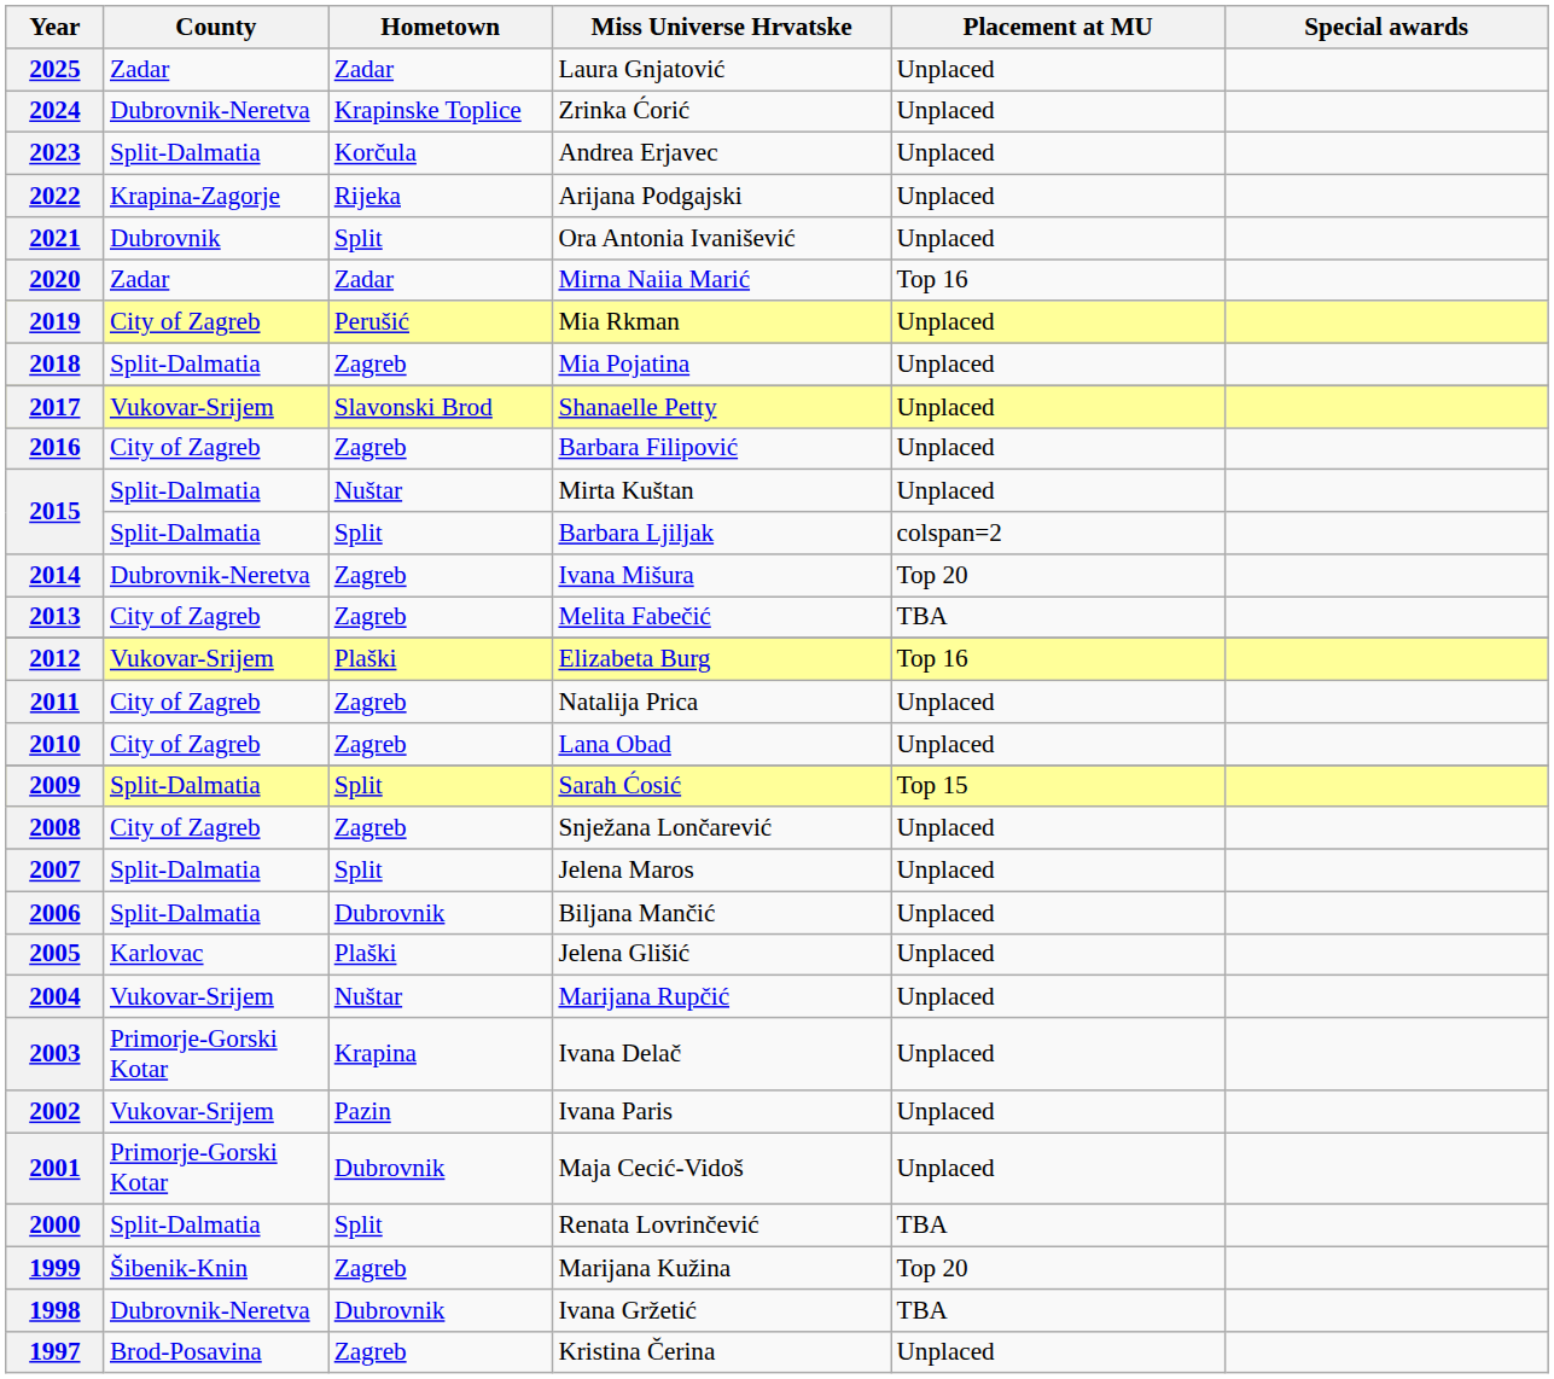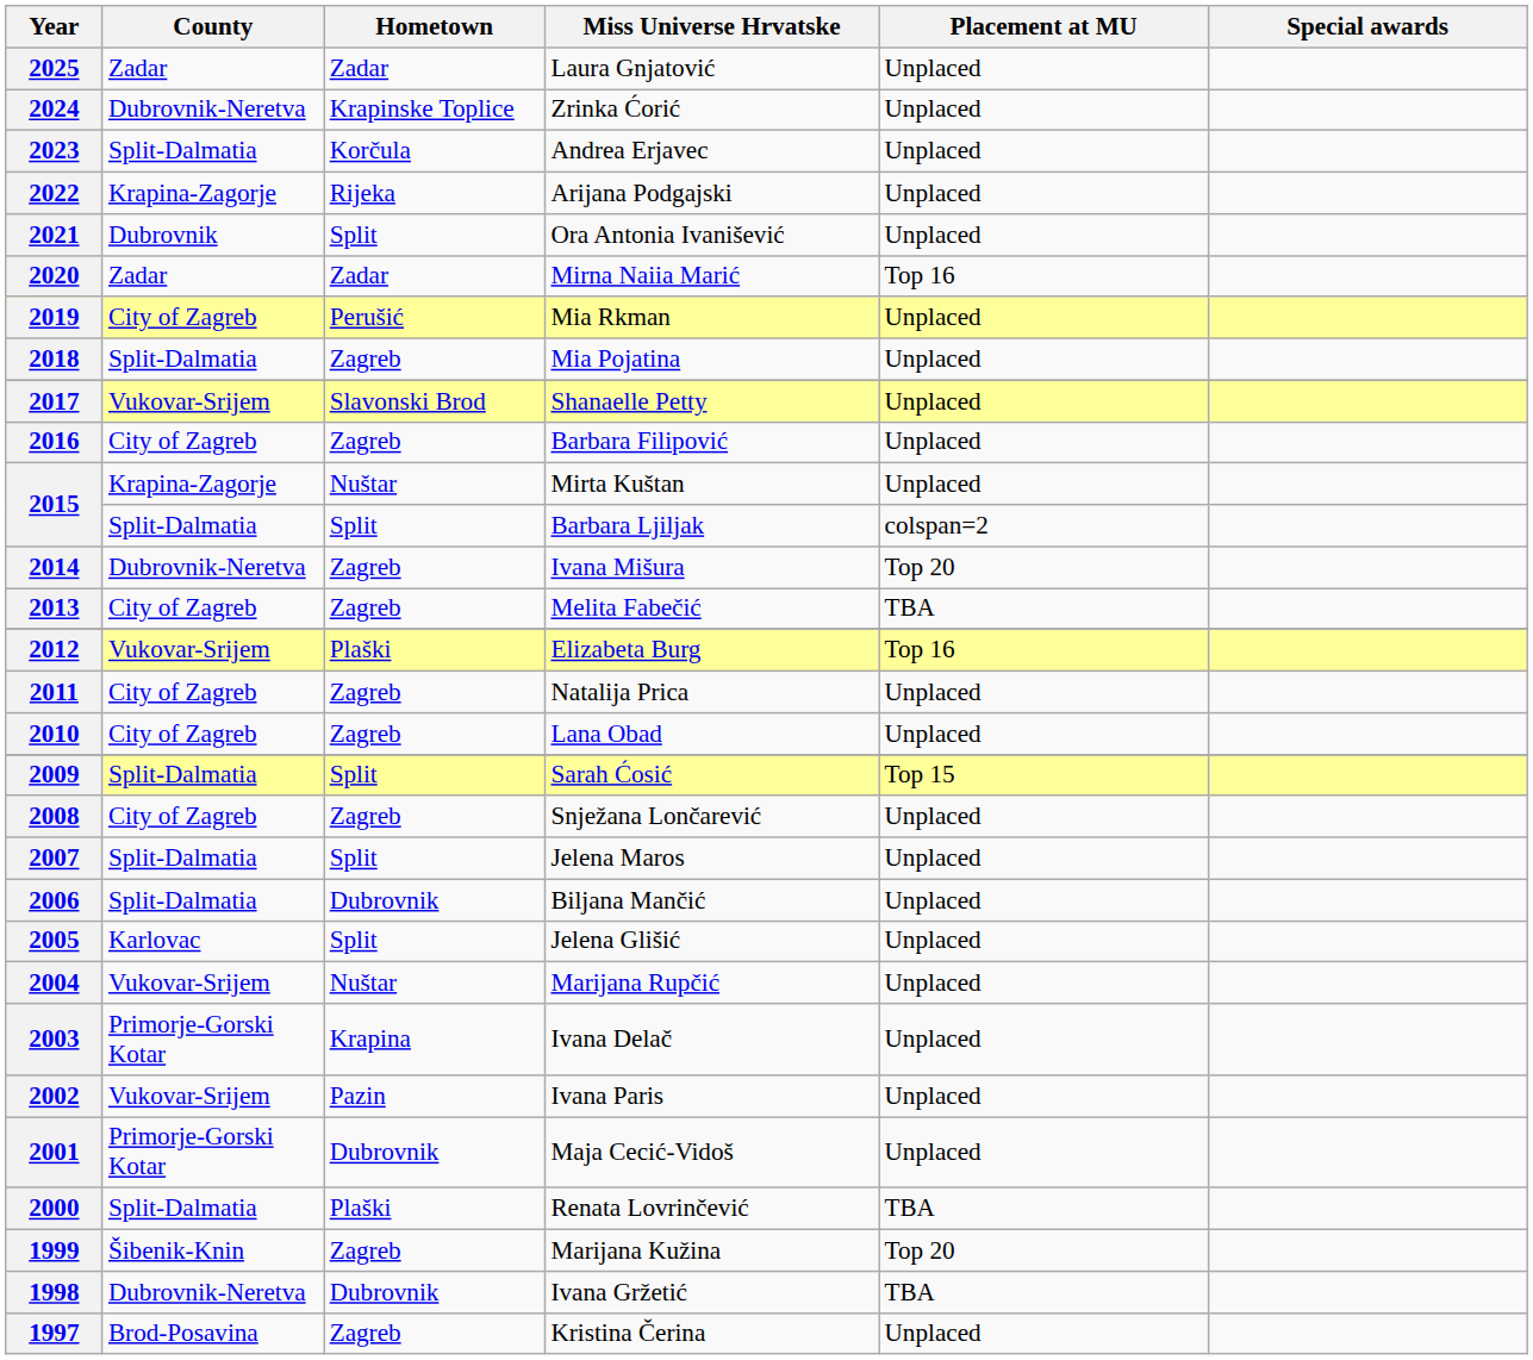 <table class="wikitable " style="font-size: 90%;">
 <tr>
 <th width="60">Year</th>
 <th width="150">County</th>
 <th width="150">Hometown</th>
 <th width="250">Miss Universe Hrvatske</th>
 <th width="250">Placement at MU</th>
 <th width="250">Special awards</th>
 </tr>
 <tr>
 <th><a href='#'>2025</a></th>
 <td><a href='#'>Zadar</a></td>
 <td><a href='#'>Zadar</a></td>
 <td>Laura Gnjatović</td>
 <td>Unplaced</td>
 <td></td>
 </tr>
 <tr>
 <th><a href='#'>2024</a></th>
 <td><a href='#'>Dubrovnik-Neretva</a></td>
 <td><a href='#'>Krapinske Toplice</a></td>
 <td>Zrinka Ćorić</td>
 <td>Unplaced</td>
 <td></td>
 </tr>
 <tr>
 <th><a href='#'>2023</a></th>
 <td><a href='#'>Split-Dalmatia</a></td>
 <td><a href='#'>Korčula</a></td>
 <td>Andrea Erjavec</td>
 <td>Unplaced</td>
 </tr>
 <tr>
 <th><a href='#'>2022</a></th>
 <td><a href='#'>Krapina-Zagorje</a></td>
 <td><a href='#'>Rijeka</a></td>
 <td>Arijana Podgajski</td>
 <td>Unplaced</td>
 <td></td>
 </tr>
 <tr>
 <th><a href='#'>2021</a></th>
 <td><a href='#'>Dubrovnik</a></td>
 <td><a href='#'>Split</a></td>
 <td>Ora Antonia Ivanišević</td>
 <td>Unplaced</td>
 <td></td>
 </tr>
 <tr>
 <th><a href='#'>2020</a></th>
 <td><a href='#'>Zadar</a></td>
 <td><a href='#'>Zadar</a></td>
 <td><a href='#'>Mirna Naiia Marić</a></td>
 <td>Top 16</td>
 <td></td>
 </tr>
 <tr style="background-color:#FFFF99;">
 <th><a href='#'>2019</a></th>
 <td><a href='#'>City of Zagreb</a></td>
 <td><a href='#'>Perušić</a></td>
 <td>Mia Rkman</td>
 <td>Unplaced</td>
 <td></td>
 </tr>
 <tr>
 <th><a href='#'>2018</a></th>
 <td><a href='#'>Split-Dalmatia</a></td>
 <td><a href='#'>Zagreb</a></td>
 <td><a href='#'>Mia Pojatina</a></td>
 <td>Unplaced</td>
 <td></td>
 </tr>
 <tr>
 </tr>
 <tr style="background-color:#FFFF99;">
 <th><a href='#'>2017</a></th>
 <td><a href='#'>Vukovar-Srijem</a></td>
 <td><a href='#'>Slavonski Brod</a></td>
 <td><a href='#'>Shanaelle Petty</a></td>
 <td>Unplaced</td>
 <td></td>
 </tr>
 <tr>
 <th><a href='#'>2016</a></th>
 <td><a href='#'>City of Zagreb</a></td>
 <td><a href='#'>Zagreb</a></td>
 <td><a href='#'>Barbara Filipović</a></td>
 <td>Unplaced</td>
 <td></td>
 </tr>
 <tr>
 <th rowspan=2><a href='#'>2015</a></th>
-<td><a href='#'>Split-Dalmatia</a></td>
+<td><a href='#'>Krapina-Zagorje</a></td>
 <td><a href='#'>Nuštar</a></td>
 <td>Mirta Kuštan</td>
 <td>Unplaced</td>
 <td></td>
 </tr>
 <tr>
 <td><a href='#'>Split-Dalmatia</a></td>
 <td><a href='#'>Split</a></td>
 <td><a href='#'>Barbara Ljiljak</a></td>
 <td>colspan=2 </td>
 </tr>
 <tr>
 <th><a href='#'>2014</a></th>
 <td><a href='#'>Dubrovnik-Neretva</a></td>
 <td><a href='#'>Zagreb</a></td>
 <td><a href='#'>Ivana Mišura</a></td>
 <td>Top 20</td>
 <td></td>
 </tr>
 <tr>
 <th><a href='#'>2013</a></th>
 <td><a href='#'>City of Zagreb</a></td>
 <td><a href='#'>Zagreb</a></td>
 <td><a href='#'>Melita Fabečić</a></td>
 <td>TBA</td>
 <td></td>
 </tr>
 <tr>
 </tr>
 <tr style="background-color:#FFFF99;">
 <th><a href='#'>2012</a></th>
 <td><a href='#'>Vukovar-Srijem</a></td>
 <td><a href='#'>Plaški</a></td>
 <td><a href='#'>Elizabeta Burg</a></td>
 <td>Top 16</td>
 <td></td>
 </tr>
 <tr>
 <th><a href='#'>2011</a></th>
 <td><a href='#'>City of Zagreb</a></td>
 <td><a href='#'>Zagreb</a></td>
 <td>Natalija Prica</td>
 <td>Unplaced</td>
 <td></td>
 </tr>
 <tr>
 <th><a href='#'>2010</a></th>
 <td><a href='#'>City of Zagreb</a></td>
 <td><a href='#'>Zagreb</a></td>
 <td><a href='#'>Lana Obad</a></td>
 <td>Unplaced</td>
 <td></td>
 </tr>
 <tr>
 </tr>
 <tr style="background-color:#FFFF99;">
 <th><a href='#'>2009</a></th>
 <td><a href='#'>Split-Dalmatia</a></td>
 <td><a href='#'>Split</a></td>
 <td><a href='#'>Sarah Ćosić</a></td>
 <td>Top 15</td>
 <td></td>
 </tr>
 <tr>
 <th><a href='#'>2008</a></th>
 <td><a href='#'>City of Zagreb</a></td>
 <td><a href='#'>Zagreb</a></td>
 <td>Snježana Lončarević</td>
 <td>Unplaced</td>
 <td></td>
 </tr>
 <tr>
 <th><a href='#'>2007</a></th>
 <td><a href='#'>Split-Dalmatia</a></td>
 <td><a href='#'>Split</a></td>
 <td>Jelena Maros</td>
 <td>Unplaced</td>
 <td></td>
 </tr>
 <tr>
 <th><a href='#'>2006</a></th>
 <td><a href='#'>Split-Dalmatia</a></td>
 <td><a href='#'>Dubrovnik</a></td>
 <td>Biljana Mančić</td>
 <td>Unplaced</td>
 <td></td>
 </tr>
 <tr>
 <th><a href='#'>2005</a></th>
 <td><a href='#'>Karlovac</a></td>
-<td><a href='#'>Plaški</a></td>
+<td><a href='#'>Split</a></td>
 <td>Jelena Glišić</td>
 <td>Unplaced</td>
 <td></td>
 </tr>
 <tr>
 <th><a href='#'>2004</a></th>
 <td><a href='#'>Vukovar-Srijem</a></td>
 <td><a href='#'>Nuštar</a></td>
 <td><a href='#'>Marijana Rupčić</a></td>
 <td>Unplaced</td>
 <td></td>
 </tr>
 <tr>
 <th><a href='#'>2003</a></th>
 <td><a href='#'>Primorje-Gorski Kotar</a></td>
 <td><a href='#'>Krapina</a></td>
 <td>Ivana Delač</td>
 <td>Unplaced</td>
 <td></td>
 </tr>
 <tr>
 <th><a href='#'>2002</a></th>
 <td><a href='#'>Vukovar-Srijem</a></td>
 <td><a href='#'>Pazin</a></td>
 <td>Ivana Paris</td>
 <td>Unplaced</td>
 <td></td>
 </tr>
 <tr>
 <th><a href='#'>2001</a></th>
 <td><a href='#'>Primorje-Gorski Kotar</a></td>
 <td><a href='#'>Dubrovnik</a></td>
 <td>Maja Cecić-Vidoš</td>
 <td>Unplaced</td>
 <td></td>
 </tr>
 <tr>
 <th><a href='#'>2000</a></th>
 <td><a href='#'>Split-Dalmatia</a></td>
-<td><a href='#'>Split</a></td>
+<td><a href='#'>Plaški</a></td>
 <td>Renata Lovrinčević</td>
 <td>TBA</td>
 <td></td>
 </tr>
 <tr>
 <th><a href='#'>1999</a></th>
 <td><a href='#'>Šibenik-Knin</a></td>
 <td><a href='#'>Zagreb</a></td>
 <td>Marijana Kužina</td>
 <td>Top 20</td>
 <td></td>
 </tr>
 <tr>
 <th><a href='#'>1998</a></th>
 <td><a href='#'>Dubrovnik-Neretva</a></td>
 <td><a href='#'>Dubrovnik</a></td>
 <td>Ivana Gržetić</td>
 <td>TBA</td>
 <td></td>
 </tr>
 <tr>
 <th><a href='#'>1997</a></th>
 <td><a href='#'>Brod-Posavina</a></td>
 <td><a href='#'>Zagreb</a></td>
 <td>Kristina Čerina</td>
 <td>Unplaced</td>
 <td></td>
 </tr>
 </table>
